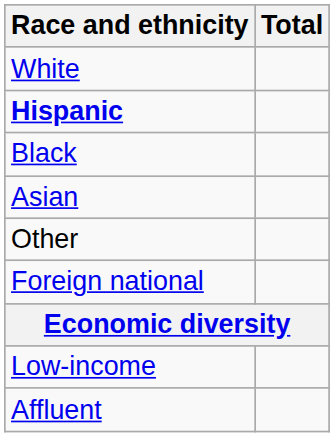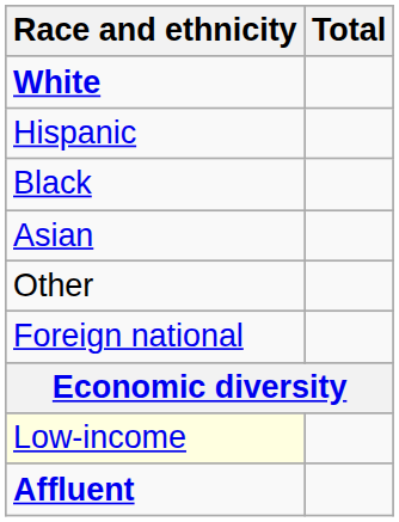 <table class="wikitable floatleft sortable collapsible"; text-align:left; font-size:80%;">
 <tr>
 <th>Race and ethnicity</th>
 <th colspan="2" data-sort-type=number>Total</th>
 </tr>
 <tr>
-<td><a href='#'>White</a></td>
+<td><strong><a href='#'>White</a></strong></td>
 <td align=right></td>
 </tr>
 <tr>
-<td><strong><a href='#'>Hispanic</a></strong></td>
+<td><a href='#'>Hispanic</a></td>
 <td align=right></td>
 </tr>
 <tr>
 <td><a href='#'>Black</a></td>
 <td align=right></td>
 </tr>
 <tr>
 <td><a href='#'>Asian</a></td>
 <td align=right></td>
 </tr>
 <tr>
 <td>Other</td>
 <td align=right></td>
 </tr>
 <tr>
 <td><a href='#'>Foreign national</a></td>
 <td align=right></td>
 </tr>
 <tr>
 <th colspan="4" data-sort-type=number><a href='#'>Economic diversity</a></th>
 </tr>
 <tr>
-<td><a href='#'>Low-income</a></td>
+<td style="background: lightyellow;"><a href='#'>Low-income</a></td>
 <td align=right></td>
 </tr>
 <tr>
-<td><a href='#'>Affluent</a></td>
+<td><strong><a href='#'>Affluent</a></strong></td>
 <td align=right></td>
 </tr>
 </table>
